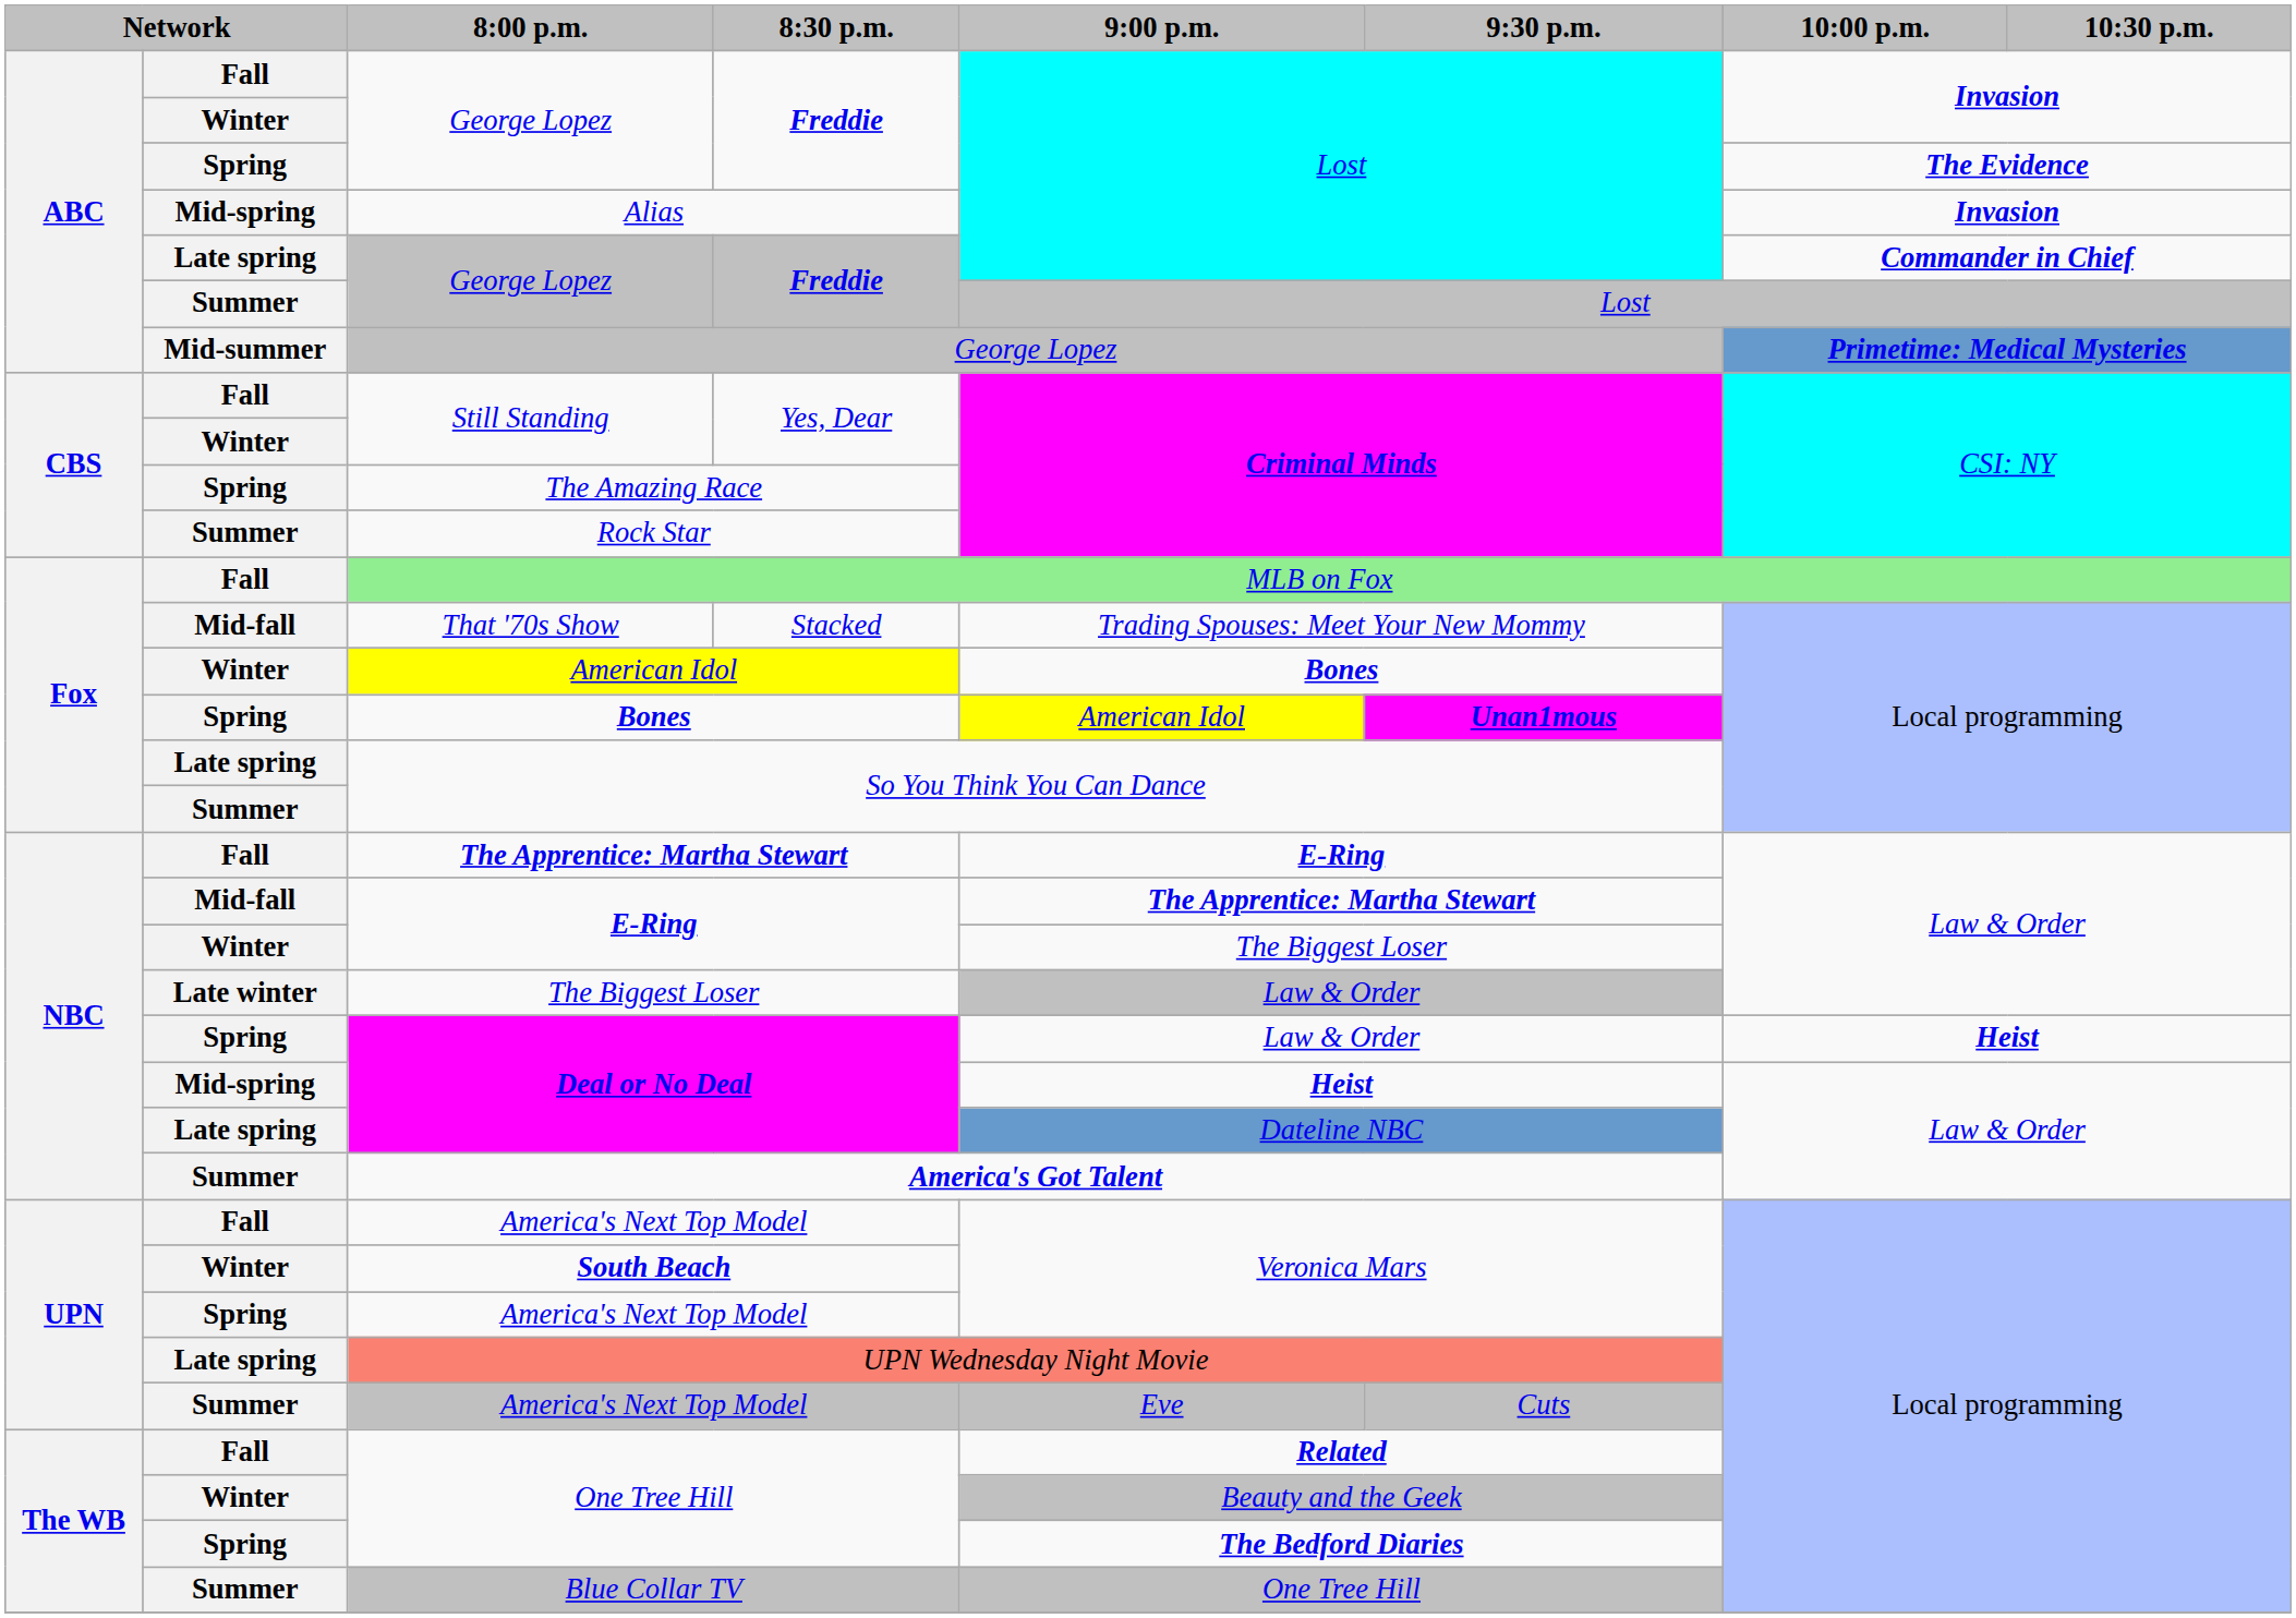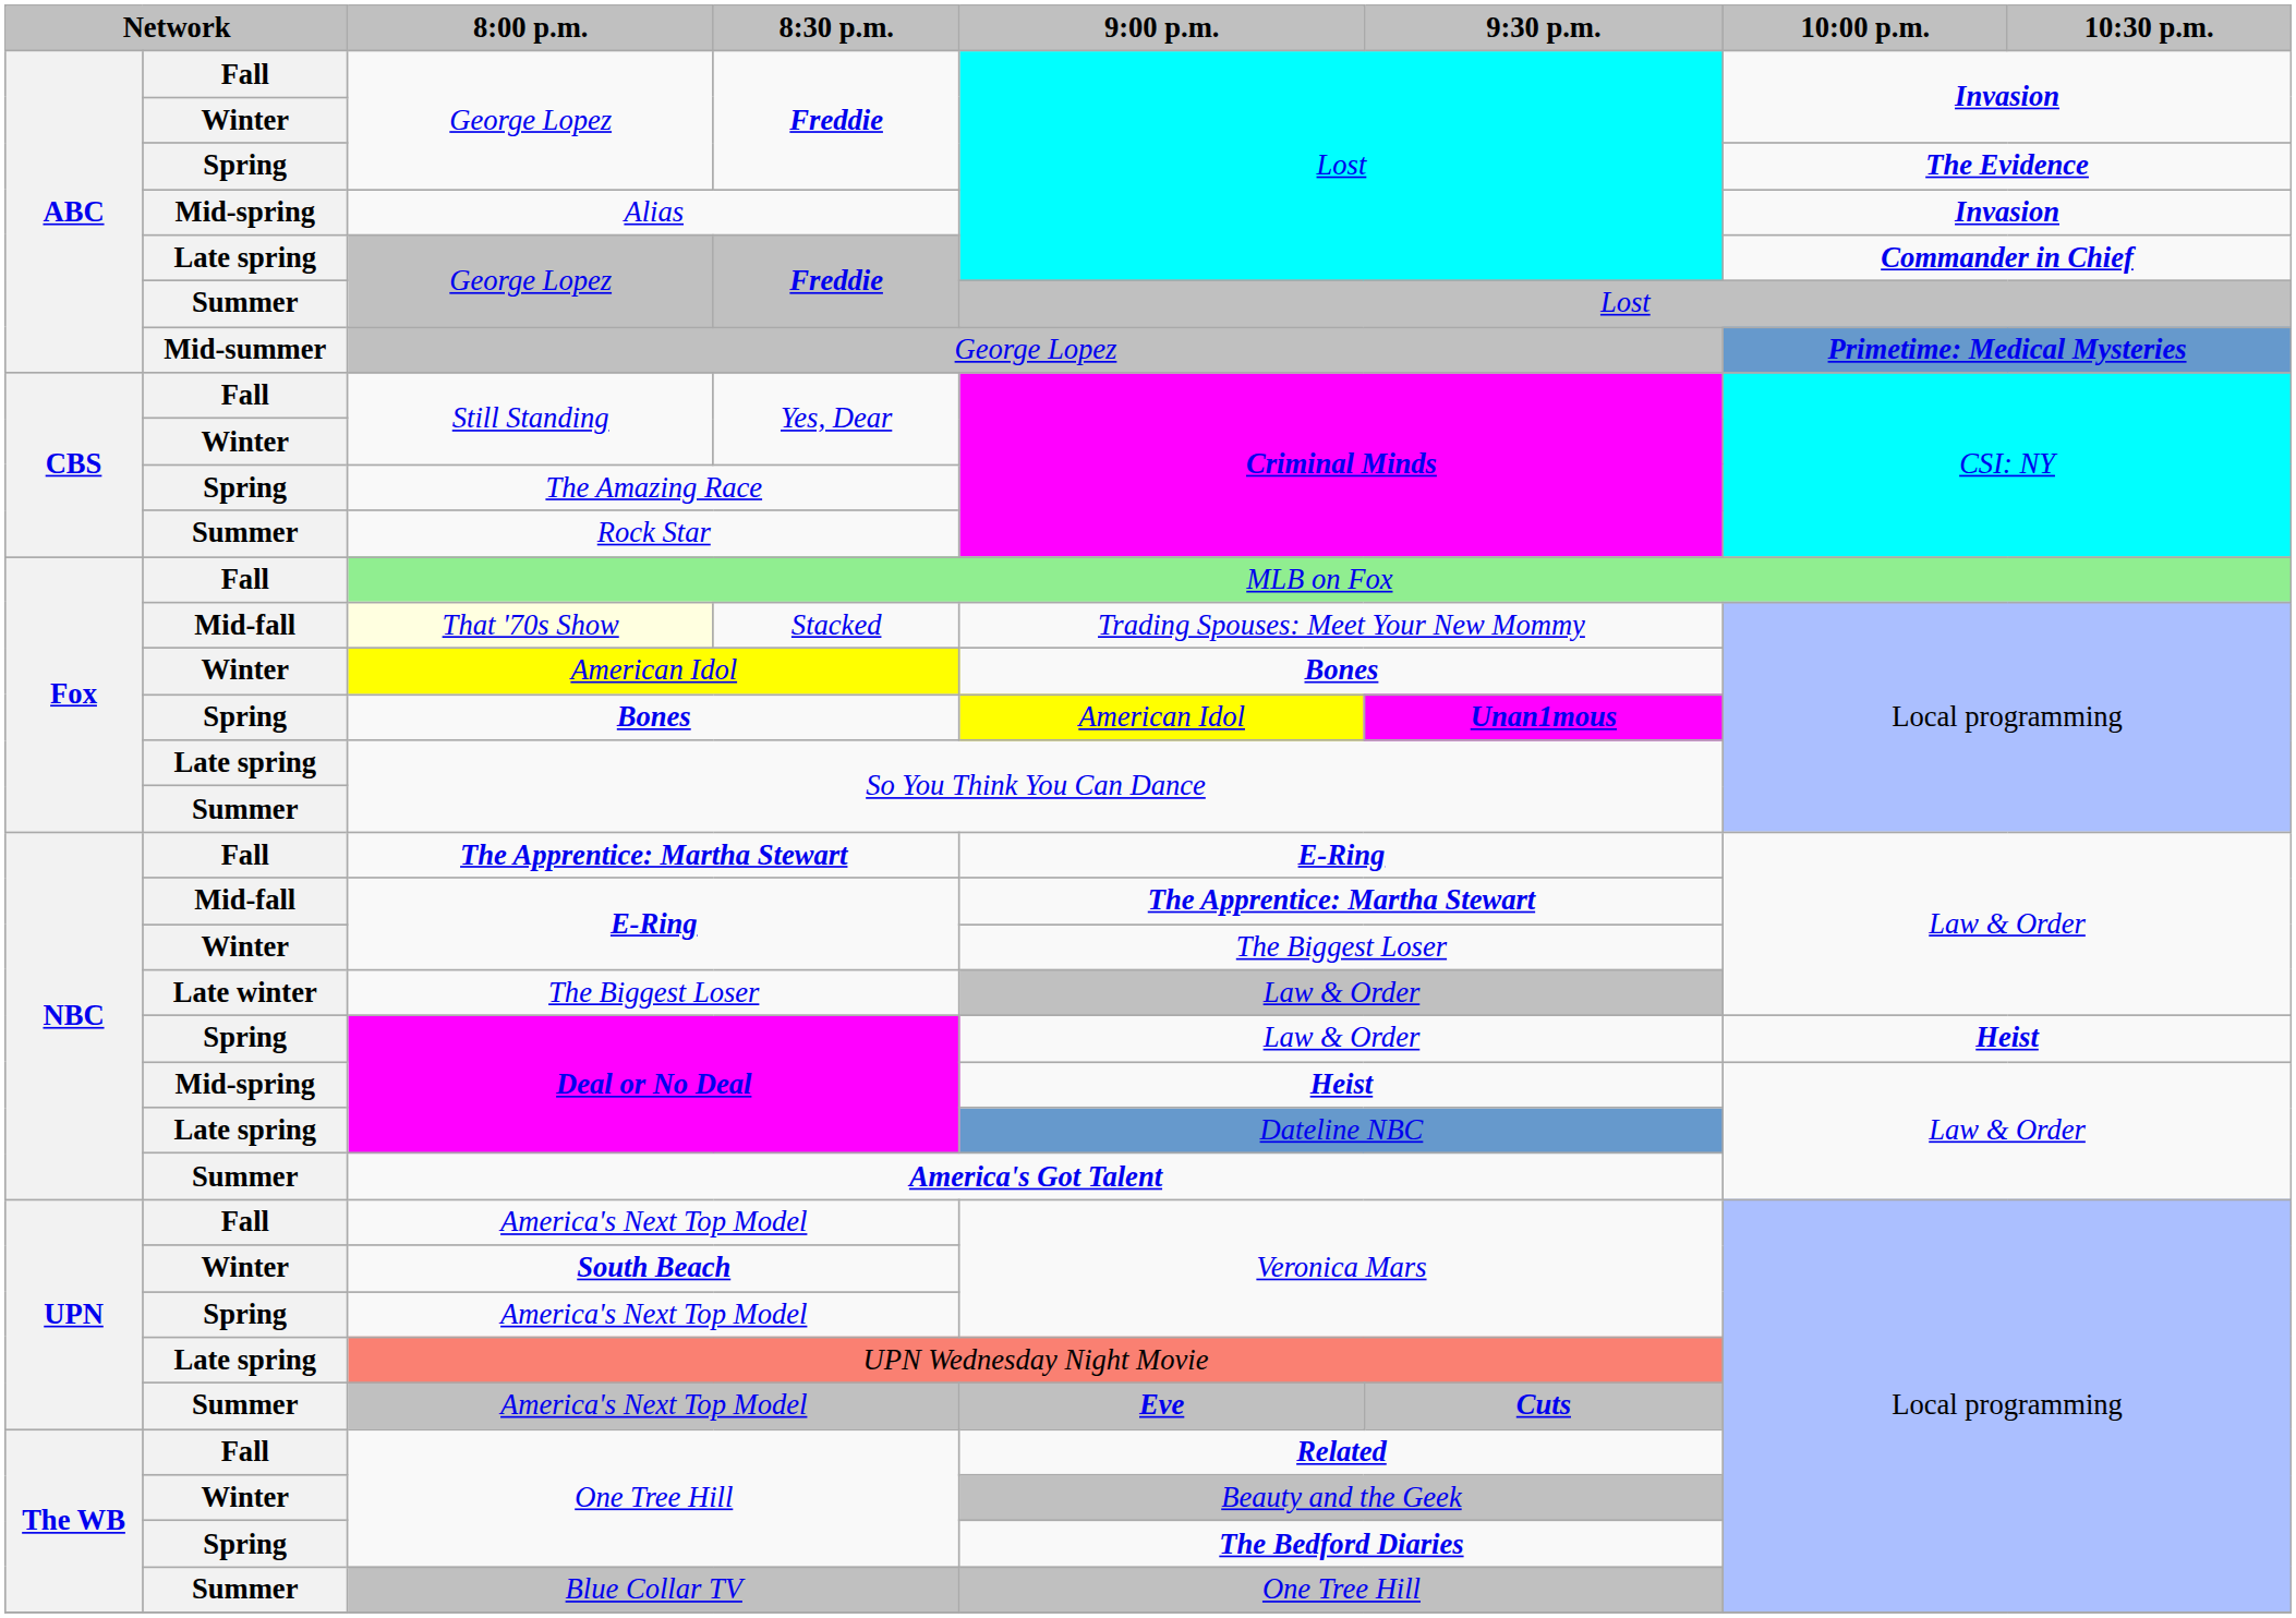 <table class="wikitable" style="width:100%;margin-right:0;text-align:center">
 <tr>
 <th colspan="2" style="background-color:#C0C0C0;text-align:center;width:15%;">Network</th>
 <th style="background-color:#C0C0C0;text-align:center">8:00 p.m.</th>
 <th style="background-color:#C0C0C0;text-align:center">8:30 p.m.</th>
 <th style="background-color:#C0C0C0;text-align:center">9:00 p.m.</th>
 <th style="background-color:#C0C0C0;text-align:center">9:30 p.m.</th>
 <th style="background-color:#C0C0C0;text-align:center">10:00 p.m.</th>
 <th style="background-color:#C0C0C0;text-align:center">10:30 p.m.</th>
 </tr>
 <tr>
 <th rowspan="7"><a href='#'>ABC</a></th>
 <th>Fall</th>
 <td rowspan="3"><em><a href='#'>George Lopez</a></em></td>
 <td rowspan="3"><strong><em><a href='#'>Freddie</a></em></strong></td>
 <td style="background-color:#00FFFF" colspan="2" rowspan="5"><em><a href='#'>Lost</a></em> </td>
 <td colspan="2" rowspan="2"><strong><em><a href='#'>Invasion</a></em></strong></td>
 </tr>
 <tr>
 <th>Winter</th>
 </tr>
 <tr>
 <th>Spring</th>
 <td colspan="2"><strong><em><a href='#'>The Evidence</a></em></strong></td>
 </tr>
 <tr>
 <th>Mid-spring</th>
 <td colspan="2"><em><a href='#'>Alias</a></em></td>
 <td colspan="2"><strong><em><a href='#'>Invasion</a></em></strong></td>
 </tr>
 <tr>
 <th>Late spring</th>
 <td style="background:#C0C0C0;" rowspan="2"><em><a href='#'>George Lopez</a></em> </td>
 <td style="background:#C0C0C0;" rowspan="2" style="background:#C0C0C0;"><strong><em><a href='#'>Freddie</a></em></strong> </td>
 <td colspan="2"><strong><em><a href='#'>Commander in Chief</a></em></strong></td>
 </tr>
 <tr>
 <th>Summer</th>
 <td style="background:#C0C0C0;" colspan="4"><em><a href='#'>Lost</a></em> </td>
 </tr>
 <tr>
 <th>Mid-summer</th>
 <td colspan="4" style="background:#C0C0C0;"><em><a href='#'>George Lopez</a></em> </td>
 <td style="background:#6699CC;" colspan="2"><strong><em><a href='#'>Primetime: Medical Mysteries</a></em></strong></td>
 </tr>
 <tr>
 <th rowspan="4"><a href='#'>CBS</a></th>
 <th>Fall</th>
 <td rowspan="2"><em><a href='#'>Still Standing</a></em></td>
 <td rowspan="2"><em><a href='#'>Yes, Dear</a></em></td>
 <td style="background:#FF00FF;" colspan="2" rowspan="4"><strong><em><a href='#'>Criminal Minds</a></em></strong> </td>
 <td style="background:#00FFFF;" colspan="2" rowspan="4"><em><a href='#'>CSI: NY</a></em> </td>
 </tr>
 <tr>
 <th>Winter</th>
 </tr>
 <tr>
 <th>Spring</th>
 <td colspan="2"><em><a href='#'>The Amazing Race</a></em></td>
 </tr>
 <tr>
 <th>Summer</th>
 <td colspan="2"><em><a href='#'>Rock Star</a></em></td>
 </tr>
 <tr>
 <th rowspan="6"><a href='#'>Fox</a></th>
 <th>Fall</th>
 <td style="background:lightgreen;" colspan="6"><em><a href='#'>MLB on Fox</a></em></td>
 </tr>
 <tr>
 <th>Mid-fall</th>
-<td><em><a href='#'>That '70s Show</a></em></td>
+<td style="background: lightyellow;"><em><a href='#'>That '70s Show</a></em></td>
 <td><em><a href='#'>Stacked</a></em></td>
 <td colspan="2"><em><a href='#'>Trading Spouses: Meet Your New Mommy</a></em></td>
 <td style="background:#abbfff;" colspan="2" rowspan="5">Local programming</td>
 </tr>
 <tr>
 <th>Winter</th>
 <td style="background:#FFFF00;" colspan="2"><em><a href='#'>American Idol</a></em> </td>
 <td colspan="2"><strong><em><a href='#'>Bones</a></em></strong></td>
 </tr>
 <tr>
 <th>Spring</th>
 <td colspan="2"><strong><em><a href='#'>Bones</a></em></strong></td>
 <td style="background:#FFFF00;"><em><a href='#'>American Idol</a></em> </td>
 <td style="background:#FF00FF;"><strong><em><a href='#'>Unan1mous</a></em></strong> </td>
 </tr>
 <tr>
 <th>Late spring</th>
 <td colspan="4" rowspan="2"><em><a href='#'>So You Think You Can Dance</a></em></td>
 </tr>
 <tr>
 <th>Summer</th>
 </tr>
 <tr>
 <th rowspan="8"><a href='#'>NBC</a></th>
 <th>Fall</th>
 <td colspan="2"><strong><em><a href='#'>The Apprentice: Martha Stewart</a></em></strong></td>
 <td colspan="2"><strong><em><a href='#'>E-Ring</a></em></strong></td>
 <td rowspan="4" colspan="2"><em><a href='#'>Law & Order</a></em></td>
 </tr>
 <tr>
 <th>Mid-fall</th>
 <td colspan="2" rowspan="2"><strong><em><a href='#'>E-Ring</a></em></strong></td>
 <td colspan="2"><strong><em><a href='#'>The Apprentice: Martha Stewart</a></em></strong></td>
 </tr>
 <tr>
 <th>Winter</th>
 <td colspan="2"><em><a href='#'>The Biggest Loser</a></em></td>
 </tr>
 <tr>
 <th>Late winter</th>
 <td colspan="2"><em><a href='#'>The Biggest Loser</a></em></td>
 <td colspan="2" style="background:#C0C0C0;"><em><a href='#'>Law & Order</a></em> </td>
 </tr>
 <tr>
 <th>Spring</th>
 <td style="background-color:#FF00FF;" colspan="2" rowspan="3"><strong><em><a href='#'>Deal or No Deal</a></em></strong> </td>
 <td colspan="2"><em><a href='#'>Law & Order</a></em></td>
 <td colspan="2"><strong><em><a href='#'>Heist</a></em></strong></td>
 </tr>
 <tr>
 <th>Mid-spring</th>
 <td colspan="2"><strong><em><a href='#'>Heist</a></em></strong></td>
 <td colspan="2" rowspan="3"><em><a href='#'>Law & Order</a></em></td>
 </tr>
 <tr>
 <th>Late spring</th>
 <td colspan="2" style="background:#6699CC;"><em><a href='#'>Dateline NBC</a></em></td>
 </tr>
 <tr>
 <th>Summer</th>
 <td colspan="4"><strong><em><a href='#'>America's Got Talent</a></em></strong></td>
 </tr>
 <tr>
 <th rowspan="5"><a href='#'>UPN</a></th>
 <th>Fall</th>
 <td colspan="2"><em><a href='#'>America's Next Top Model</a></em></td>
 <td colspan="2" rowspan="3"><em><a href='#'>Veronica Mars</a></em></td>
 <td style="background:#abbfff;" colspan="2" rowspan="9">Local programming</td>
 </tr>
 <tr>
 <th>Winter</th>
 <td colspan="2"><strong><em><a href='#'>South Beach</a></em></strong></td>
 </tr>
 <tr>
 <th>Spring</th>
 <td colspan="2"><em><a href='#'>America's Next Top Model</a></em></td>
 </tr>
 <tr>
 <th>Late spring</th>
 <td colspan="4" style="background:#FA8072;"><em>UPN Wednesday Night Movie</em></td>
 </tr>
 <tr>
 <th>Summer</th>
 <td colspan="2" style="background:#C0C0C0;"><em><a href='#'>America's Next Top Model</a></em> </td>
-<td style="background:#C0C0C0;"><em><a href='#'>Eve</a></em> </td>
-<td style="background:#C0C0C0;"><em><a href='#'>Cuts</a></em> </td>
+<td style="background:#C0C0C0;"><strong><em><a href='#'>Eve</a></em> </strong></td>
+<td style="background:#C0C0C0;"><strong><em><a href='#'>Cuts</a></em> </strong></td>
 </tr>
 <tr>
 <th rowspan="4"><a href='#'>The WB</a></th>
 <th>Fall</th>
 <td colspan="2" rowspan="3"><em><a href='#'>One Tree Hill</a></em></td>
 <td colspan="2"><strong><em><a href='#'>Related</a></em></strong></td>
 </tr>
 <tr>
 <th>Winter</th>
 <td colspan="2" style="background:#C0C0C0;"><em><a href='#'>Beauty and the Geek</a></em> </td>
 </tr>
 <tr>
 <th>Spring</th>
 <td colspan="2"><strong><em><a href='#'>The Bedford Diaries</a></em></strong></td>
 </tr>
 <tr>
 <th>Summer</th>
 <td colspan="2" style="background:#C0C0C0;"><em><a href='#'>Blue Collar TV</a></em> </td>
 <td colspan="2" style="background:#C0C0C0;"><em><a href='#'>One Tree Hill</a></em> </td>
 </tr>
 <tr>
 </tr>
 </table>
